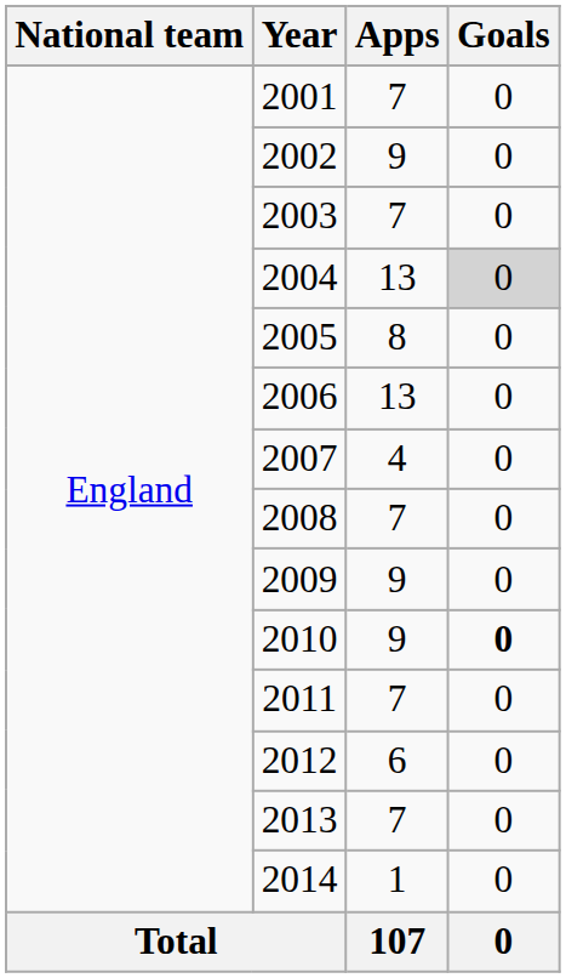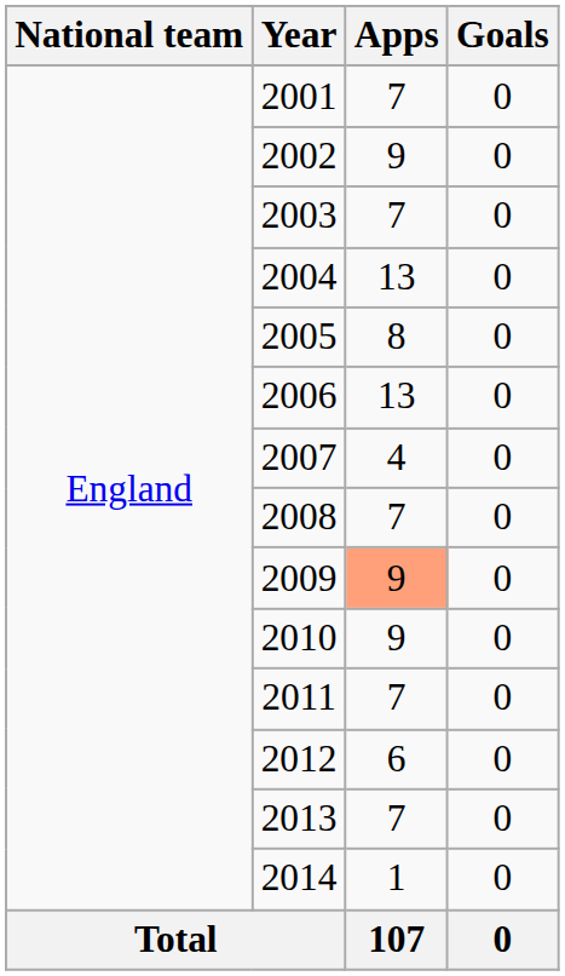 <table class="wikitable" style="text-align:center">
 <tr>
 <th>National team</th>
 <th>Year</th>
 <th>Apps</th>
 <th>Goals</th>
 </tr>
 <tr>
 <td rowspan="14"><a href='#'>England</a></td>
 <td>2001</td>
 <td>7</td>
 <td>0</td>
 </tr>
 <tr>
 <td>2002</td>
 <td>9</td>
 <td>0</td>
 </tr>
 <tr>
 <td>2003</td>
 <td>7</td>
 <td>0</td>
 </tr>
 <tr>
 <td>2004</td>
 <td>13</td>
-<td style="background: lightgrey;">0</td>
+<td>0</td>
 </tr>
 <tr>
 <td>2005</td>
 <td>8</td>
 <td>0</td>
 </tr>
 <tr>
 <td>2006</td>
 <td>13</td>
 <td>0</td>
 </tr>
 <tr>
 <td>2007</td>
 <td>4</td>
 <td>0</td>
 </tr>
 <tr>
 <td>2008</td>
 <td>7</td>
 <td>0</td>
 </tr>
 <tr>
 <td>2009</td>
-<td>9</td>
+<td style="background: lightsalmon;">9</td>
 <td>0</td>
 </tr>
 <tr>
 <td>2010</td>
 <td>9</td>
-<td><strong>0</strong></td>
+<td>0</td>
 </tr>
 <tr>
 <td>2011</td>
 <td>7</td>
 <td>0</td>
 </tr>
 <tr>
 <td>2012</td>
 <td>6</td>
 <td>0</td>
 </tr>
 <tr>
 <td>2013</td>
 <td>7</td>
 <td>0</td>
 </tr>
 <tr>
 <td>2014</td>
 <td>1</td>
 <td>0</td>
 </tr>
 <tr>
 <th colspan="2">Total</th>
 <th>107</th>
 <th>0</th>
 </tr>
 </table>
